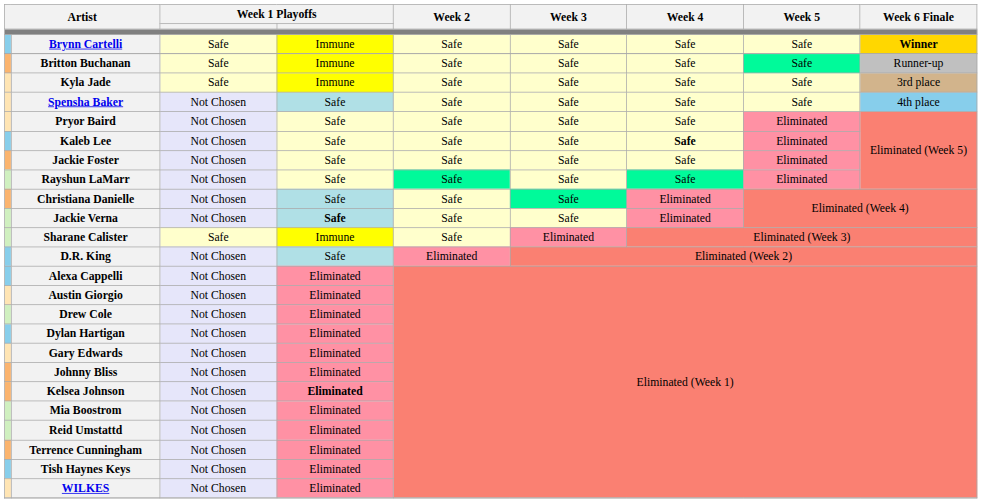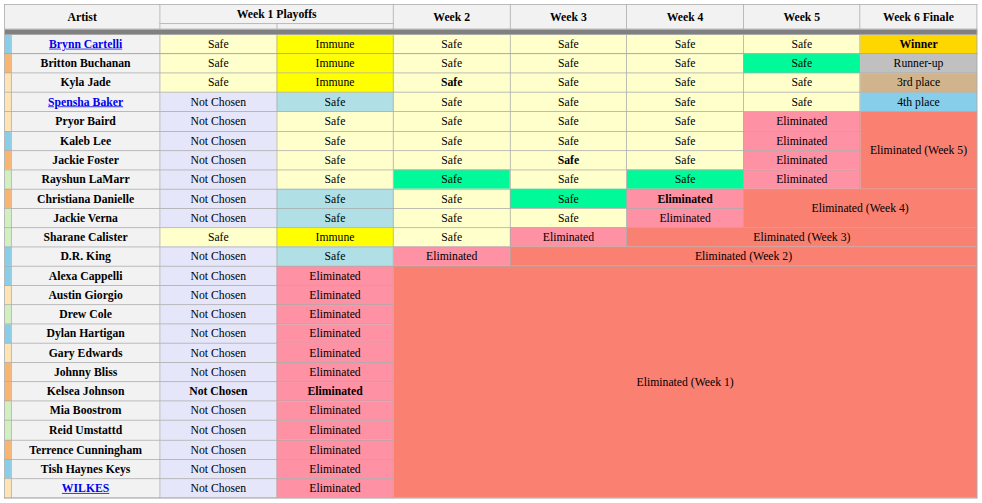 <table class="wikitable" style="font-size:95%; text-align:center; width:100%;">
 <tr>
 <th width="16%" rowspan="2" colspan="2">Artist</th>
 <th colspan="2">Week 1 Playoffs</th>
 <th rowspan="2" style="width:12%;">Week 2</th>
 <th rowspan="2" style="width:12%;">Week 3</th>
 <th rowspan="2" style="width:12%;">Week 4</th>
 <th rowspan="2" style="width:12%;">Week 5</th>
 <th rowspan="2" style="width:12%;">Week 6 Finale</th>
 </tr>
 <tr>
 <th style="width:12%;"></th>
 <th style="width:12%;"></th>
 </tr>
 <tr>
 <th colspan="11" style="background:gray;"></th>
 </tr>
 <tr>
 <th style="background:#87ceeb;"></th>
 <th><a href='#'>Brynn Cartelli</a></th>
 <td style="background:#FFFFCC;">Safe</td>
 <td bgcolor="yellow">Immune</td>
 <td style="background:#FFFFCC;">Safe</td>
 <td style="background:#FFFFCC;">Safe</td>
 <td style="background:#FFFFCC;">Safe</td>
 <td style="background:#FFFFCC;">Safe</td>
 <td style="background:gold;"><strong>Winner</strong></td>
 </tr>
 <tr>
 </tr>
 <tr>
 <th style="background:#fbb46e;"></th>
 <th>Britton Buchanan</th>
 <td style="background:#FFFFCC;">Safe</td>
 <td bgcolor="yellow">Immune</td>
 <td style="background:#FFFFCC;">Safe</td>
 <td style="background:#FFFFCC;">Safe</td>
 <td style="background:#FFFFCC;">Safe</td>
 <td style="background:#00FA9A;">Safe</td>
 <td style="background:silver;">Runner-up</td>
 </tr>
 <tr>
 <th style="background:#ffe5b4;"></th>
 <th>Kyla Jade</th>
 <td style="background:#FFFFCC;">Safe</td>
 <td bgcolor="yellow">Immune</td>
-<td style="background:#FFFFCC;">Safe</td>
+<td style="background:#FFFFCC;"><strong>Safe</strong></td>
 <td style="background:#FFFFCC;">Safe</td>
 <td style="background:#FFFFCC;">Safe</td>
 <td style="background:#FFFFCC;">Safe</td>
 <td style="background:tan;">3rd place</td>
 </tr>
 <tr>
 <th style="background:#ffe5b4;"></th>
 <th><a href='#'>Spensha Baker</a></th>
 <td bgcolor=#E6E6FA>Not Chosen</td>
 <td style="background:#B0E0E6;">Safe</td>
 <td style="background:#FFFFCC;">Safe</td>
 <td style="background:#FFFFCC;">Safe</td>
 <td style="background:#FFFFCC;">Safe</td>
 <td style="background:#FFFFCC;">Safe</td>
 <td style="background:#87ceeb;">4th place</td>
 </tr>
 <tr>
 <th style="background:#ffe5b4;"></th>
 <th>Pryor Baird</th>
 <td bgcolor=#E6E6FA>Not Chosen</td>
 <td style="background:#FFFFCC;">Safe</td>
 <td style="background:#FFFFCC;">Safe</td>
 <td style="background:#FFFFCC;">Safe</td>
 <td style="background:#FFFFCC;">Safe</td>
 <td style="background:#FF91A4;">Eliminated</td>
 <td rowspan="4" colspan="2" style="background:salmon;">Eliminated (Week 5)</td>
 </tr>
 <tr>
 <th style="background:#87ceeb;"></th>
 <th>Kaleb Lee</th>
 <td bgcolor=#E6E6FA>Not Chosen</td>
 <td style="background:#FFFFCC;">Safe</td>
 <td style="background:#FFFFCC;">Safe</td>
 <td style="background:#FFFFCC;">Safe</td>
-<td style="background:#FFFFCC;"><strong>Safe</strong></td>
+<td style="background:#FFFFCC;">Safe</td>
 <td style="background:#FF91A4;">Eliminated</td>
 </tr>
 <tr>
 <th style="background:#fbb46e;"></th>
 <th>Jackie Foster</th>
 <td bgcolor=#E6E6FA>Not Chosen</td>
 <td style="background:#FFFFCC;">Safe</td>
 <td style="background:#FFFFCC;">Safe</td>
-<td style="background:#FFFFCC;">Safe</td>
+<td style="background:#FFFFCC;"><strong>Safe</strong></td>
 <td style="background:#FFFFCC;">Safe</td>
 <td style="background:#FF91A4;">Eliminated</td>
 </tr>
 <tr>
 <th style="background:#d0f0c0;"></th>
 <th>Rayshun LaMarr</th>
 <td bgcolor=#E6E6FA>Not Chosen</td>
 <td style="background:#FFFFCC;">Safe</td>
 <td style="background:#00FA9A;">Safe</td>
 <td style="background:#FFFFCC;">Safe</td>
 <td style="background:#00FA9A;">Safe</td>
 <td style="background:#FF91A4;">Eliminated</td>
 </tr>
 <tr>
 <th style="background:#fbb46e;"></th>
 <th>Christiana Danielle</th>
 <td bgcolor=#E6E6FA>Not Chosen</td>
 <td style="background:#B0E0E6;">Safe</td>
 <td style="background:#FFFFCC;">Safe</td>
 <td style="background:#00FA9A;">Safe</td>
-<td style="background:#FF91A4;">Eliminated</td>
+<td style="background:#FF91A4;"><strong>Eliminated</strong></td>
 <td rowspan="2" colspan="3" style="background:salmon;">Eliminated (Week 4)</td>
 </tr>
 <tr>
 <th style="background:#d0f0c0;"></th>
 <th>Jackie Verna</th>
 <td bgcolor=#E6E6FA>Not Chosen</td>
-<td style="background:#B0E0E6;"><strong>Safe</strong></td>
+<td style="background:#B0E0E6;">Safe</td>
 <td style="background:#FFFFCC;">Safe</td>
 <td style="background:#FFFFCC;">Safe</td>
 <td style="background:#FF91A4;">Eliminated</td>
 </tr>
 <tr>
 <th style="background:#d0f0c0;"></th>
 <th>Sharane Calister</th>
 <td style="background:#FFFFCC;">Safe</td>
 <td bgcolor=yellow>Immune</td>
 <td style="background:#FFFFCC;">Safe</td>
 <td style="background:#FF91A4;">Eliminated</td>
 <td colspan="3" style="background:salmon;">Eliminated (Week 3)</td>
 </tr>
 <tr>
 <th style="background:#87ceeb;"></th>
 <th>D.R. King</th>
 <td bgcolor=#E6E6FA>Not Chosen</td>
 <td style="background:#B0E0E6;">Safe</td>
 <td style="background:#FF91A4;">Eliminated</td>
 <td colspan="4" style="background:salmon;">Eliminated (Week 2)</td>
 </tr>
 <tr>
 <th style="background:#87ceeb;"></th>
 <th>Alexa Cappelli</th>
 <td bgcolor=#E6E6FA>Not Chosen</td>
 <td style="background:#FF91A4;">Eliminated</td>
 <td rowspan="12" colspan="6" style="background:salmon;">Eliminated (Week 1)</td>
 </tr>
 <tr>
 <th style="background:#ffe5b4;"></th>
 <th>Austin Giorgio</th>
 <td bgcolor=#E6E6FA>Not Chosen</td>
 <td style="background:#FF91A4;">Eliminated</td>
 </tr>
 <tr>
 <th style="background:#d0f0c0;"></th>
 <th>Drew Cole</th>
 <td bgcolor=#E6E6FA>Not Chosen</td>
 <td style="background:#FF91A4;">Eliminated</td>
 </tr>
 <tr>
 <th style="background:#87ceeb;"></th>
 <th>Dylan Hartigan</th>
 <td bgcolor=#E6E6FA>Not Chosen</td>
 <td style="background:#FF91A4;">Eliminated</td>
 </tr>
 <tr>
 <th style="background:#ffe5b4;"></th>
 <th>Gary Edwards</th>
 <td bgcolor=#E6E6FA>Not Chosen</td>
 <td style="background:#FF91A4;">Eliminated</td>
 </tr>
 <tr>
 <th style="background:#fbb46e;"></th>
 <th>Johnny Bliss</th>
 <td bgcolor=#E6E6FA>Not Chosen</td>
 <td style="background:#FF91A4;">Eliminated</td>
 </tr>
 <tr>
 <th style="background:#fbb46e;"></th>
 <th>Kelsea Johnson</th>
-<td bgcolor=#E6E6FA>Not Chosen</td>
+<td bgcolor=#E6E6FA><strong>Not Chosen</strong></td>
 <td style="background:#FF91A4;"><strong>Eliminated</strong></td>
 </tr>
 <tr>
 <th style="background:#d0f0c0;"></th>
 <th>Mia Boostrom</th>
 <td bgcolor=#E6E6FA>Not Chosen</td>
 <td style="background:#FF91A4;">Eliminated</td>
 </tr>
 <tr>
 <th style="background:#d0f0c0;"></th>
 <th>Reid Umstattd</th>
 <td bgcolor=#E6E6FA>Not Chosen</td>
 <td style="background:#FF91A4;">Eliminated</td>
 </tr>
 <tr>
 <th style="background:#fbb46e;"></th>
 <th>Terrence Cunningham</th>
 <td bgcolor=#E6E6FA>Not Chosen</td>
 <td style="background:#FF91A4;">Eliminated</td>
 </tr>
 <tr>
 <th style="background:#87ceeb;"></th>
 <th>Tish Haynes Keys</th>
 <td bgcolor=#E6E6FA>Not Chosen</td>
 <td style="background:#FF91A4;">Eliminated</td>
 </tr>
 <tr>
 <th style="background:#ffe5b4;"></th>
 <th><a href='#'>WILKES</a></th>
 <td bgcolor=#E6E6FA>Not Chosen</td>
 <td style="background:#FF91A4;">Eliminated</td>
 </tr>
 <tr>
 </tr>
 </table>
